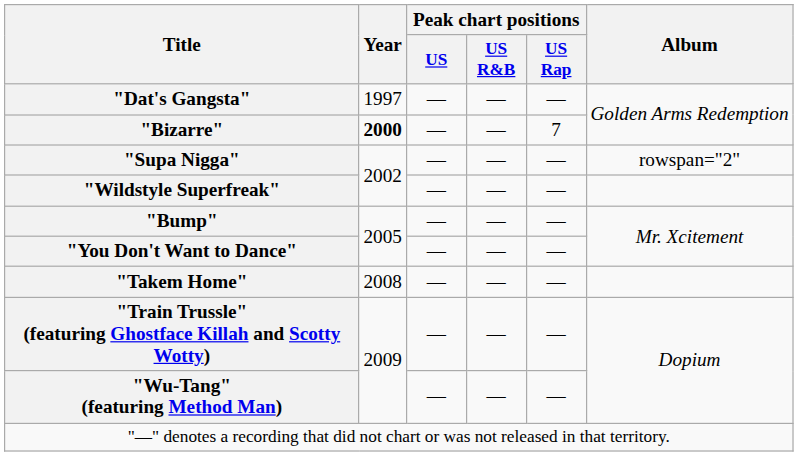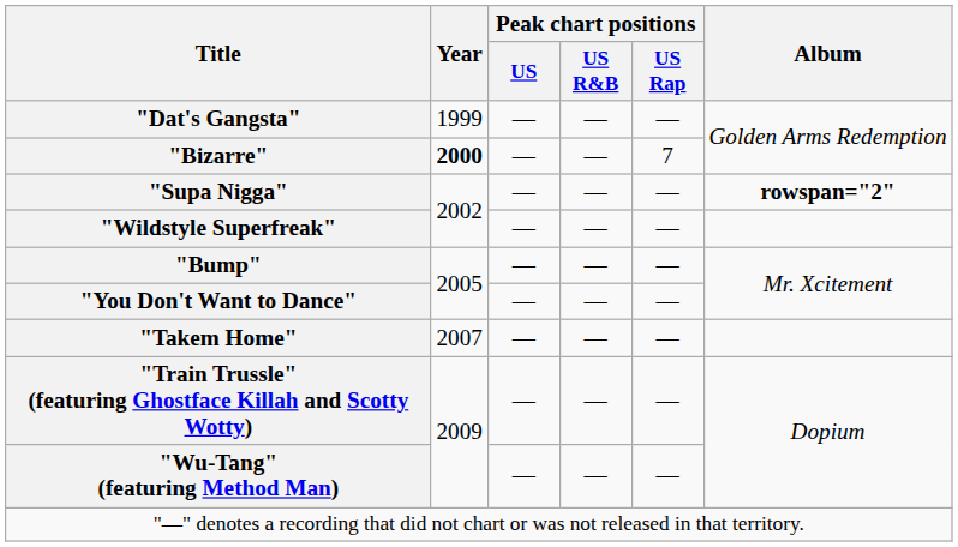 <table class="wikitable plainrowheaders" style="text-align:center;">
 <tr>
 <th scope="col" rowspan="2" style="width:18em;">Title</th>
 <th scope="col" rowspan="2">Year</th>
 <th scope="col" colspan="3">Peak chart positions</th>
 <th scope="col" rowspan="2">Album</th>
 </tr>
 <tr>
 <th scope="col" style="width:3em;font-size:90%;"><a href='#'>US</a><br></th>
 <th scope="col" style="width:3em;font-size:90%;"><a href='#'>US R&B</a><br></th>
 <th scope="col" style="width:3em;font-size:90%;"><a href='#'>US Rap</a><br></th>
 </tr>
 <tr>
 <th scope="row">"Dat's Gangsta"</th>
-<td>1997</td>
+<td>1999</td>
 <td>—</td>
 <td>—</td>
 <td>—</td>
 <td rowspan="2"><em>Golden Arms Redemption</em></td>
 </tr>
 <tr>
 <th scope="row">"Bizarre"</th>
 <td><strong>2000</strong></td>
 <td>—</td>
 <td>—</td>
 <td>7</td>
 </tr>
 <tr>
 <th scope="row">"Supa Nigga"</th>
 <td rowspan="2">2002</td>
 <td>—</td>
 <td>—</td>
 <td>—</td>
-<td>rowspan="2" </td>
+<td><strong>rowspan="2" </strong></td>
 </tr>
 <tr>
 <th scope="row">"Wildstyle Superfreak"</th>
 <td>—</td>
 <td>—</td>
 <td>—</td>
 </tr>
 <tr>
 <th scope="row">"Bump"</th>
 <td rowspan="2">2005</td>
 <td>—</td>
 <td>—</td>
 <td>—</td>
 <td rowspan="2"><em>Mr. Xcitement</em></td>
 </tr>
 <tr>
 <th scope="row">"You Don't Want to Dance"</th>
 <td>—</td>
 <td>—</td>
 <td>—</td>
 </tr>
 <tr>
 <th scope="row">"Takem Home"</th>
-<td>2008</td>
+<td>2007</td>
 <td>—</td>
 <td>—</td>
 <td>—</td>
 <td></td>
 </tr>
 <tr>
 <th scope="row">"Train Trussle"<br><span>(featuring <a href='#'>Ghostface Killah</a> and <a href='#'>Scotty Wotty</a>)</span></th>
 <td rowspan="2">2009</td>
 <td>—</td>
 <td>—</td>
 <td>—</td>
 <td rowspan="2"><em>Dopium</em></td>
 </tr>
 <tr>
 <th scope="row">"Wu-Tang"<br><span>(featuring <a href='#'>Method Man</a>)</span></th>
 <td>—</td>
 <td>—</td>
 <td>—</td>
 </tr>
 <tr>
 <td colspan="13" style="font-size:90%">"—" denotes a recording that did not chart or was not released in that territory.</td>
 </tr>
 </table>
